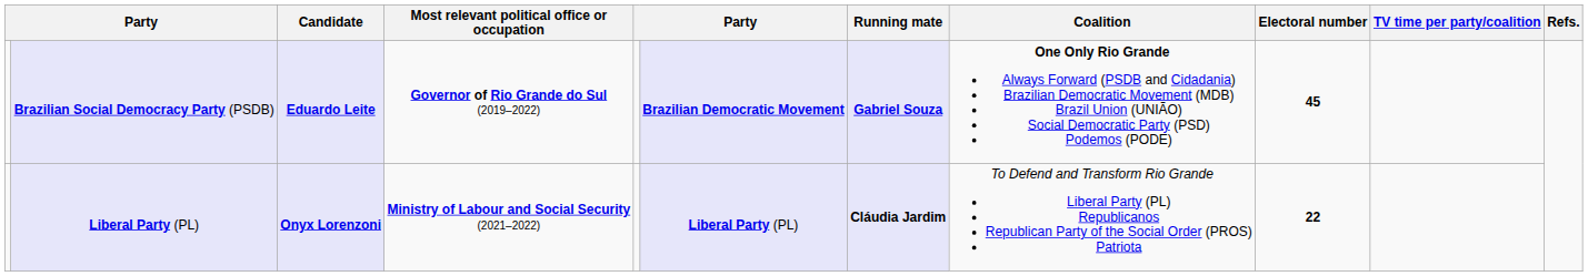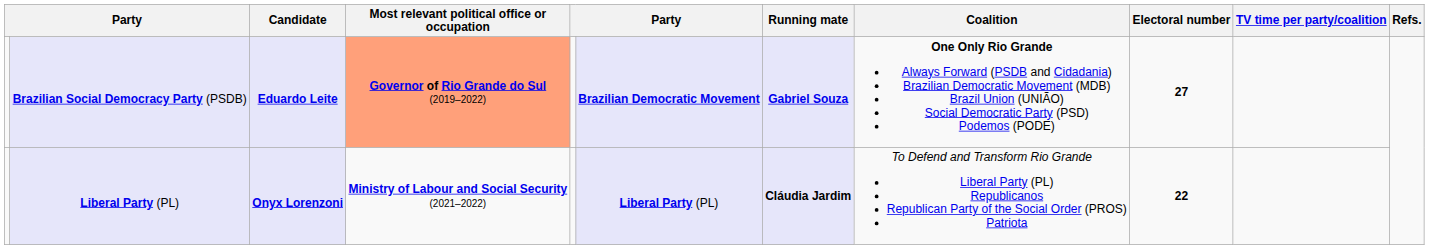 <table class="wikitable" style="text-align:center">
 <tr>
 <th colspan="2">Party</th>
 <th>Candidate</th>
 <th style="max-width:10em">Most relevant political office or occupation</th>
 <th colspan="2">Party</th>
 <th>Running mate</th>
 <th>Coalition</th>
 <th>Electoral number</th>
 <th><a href='#'>TV time per party/coalition</a></th>
 <th>Refs.</th>
 </tr>
 <tr>
 <td style="background-color:"></td>
 <td style="background:lavender;"><br><strong><a href='#'>Brazilian Social Democracy Party</a></strong> (PSDB)</td>
 <td style="background:lavender;"><br><strong><a href='#'>Eduardo Leite</a></strong></td>
-<td><strong><a href='#'>Governor</a> of <a href='#'>Rio Grande do Sul</a></strong><br><small>(2019–2022)</small></td>
+<td style="background: lightsalmon;"><strong><a href='#'>Governor</a> of <a href='#'>Rio Grande do Sul</a></strong><br><small>(2019–2022)</small></td>
 <td style="background-color:"></td>
 <td style="background:lavender;"><br><strong><a href='#'>Brazilian Democratic Movement</a></strong></td>
 <td style="background:lavender;"><br><strong><a href='#'>Gabriel Souza</a></strong></td>
 <td><strong>One Only Rio Grande</strong><br><ul><li><a href='#'>Always Forward</a> (<a href='#'>PSDB</a> and <a href='#'>Cidadania</a>)</li><li><a href='#'>Brazilian Democratic Movement</a> (MDB)</li><li><a href='#'>Brazil Union</a> (UNIÃO)</li><li><a href='#'>Social Democratic Party</a> (PSD)</li><li><a href='#'>Podemos</a> (PODE)</li></ul></td>
-<td><strong>45</strong></td>
+<td><strong>27</strong></td>
 <td></td>
 </tr>
 <tr>
 <td style="background-color:"></td>
 <td style="background:lavender;"><br><a href='#'><strong>Liberal Party</strong></a> (PL)</td>
 <td style="background:lavender;"><br><strong><a href='#'>Onyx Lorenzoni</a></strong></td>
 <td><strong><a href='#'>Ministry of Labour and Social Security</a></strong><br><small>(2021–2022)</small></td>
 <td style="background-color:"></td>
 <td style="background:lavender;"><br><a href='#'><strong>Liberal Party</strong></a> (PL)</td>
 <td style="background:lavender;"><strong>Cláudia Jardim</strong></td>
 <td><em>To Defend and Transform Rio Grande</em><br><ul><li><a href='#'>Liberal Party</a> (PL)</li><li><a href='#'>Republicanos</a></li><li><a href='#'>Republican Party of the Social Order</a> (PROS)</li><li><a href='#'>Patriota</a></li></ul></td>
 <td><strong>22</strong></td>
 <td></td>
 </tr>
 </table>
